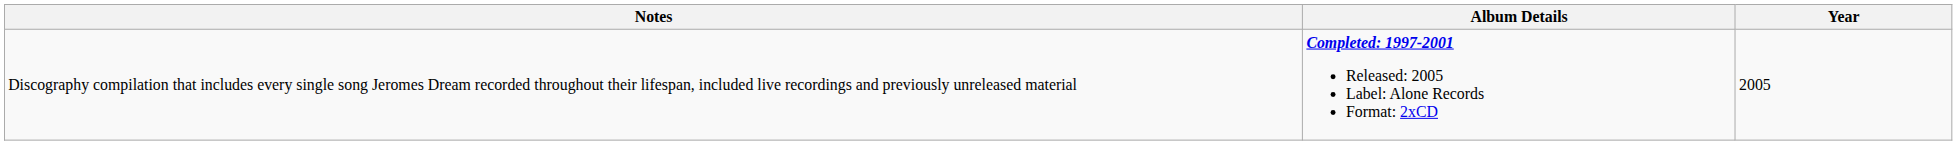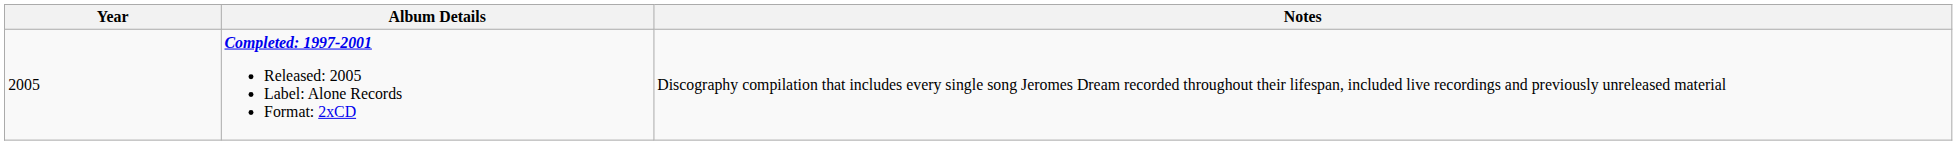 <table class ="wikitable">
 <tr>
+<th style="width: 5%">Year</th>
+<th style="width:10%">Album Details</th>
 <th style="width:30%">Notes</th>
-<th style="width:10%">Album Details</th>
-<th style="width: 5%">Year</th>
 </tr>
 <tr>
+<td>2005</td>
+<td><strong><em><a href='#'>Completed: 1997-2001</a></em></strong><br><ul><li>Released: 2005</li><li>Label: Alone Records</li><li>Format: <a href='#'>2xCD</a></li></ul></td>
 <td>Discography compilation that includes every single song Jeromes Dream recorded throughout their lifespan, included live recordings and previously unreleased material</td>
-<td><strong><em><a href='#'>Completed: 1997-2001</a></em></strong><br><ul><li>Released: 2005</li><li>Label: Alone Records</li><li>Format: <a href='#'>2xCD</a></li></ul></td>
-<td>2005</td>
 </tr>
 </table>
